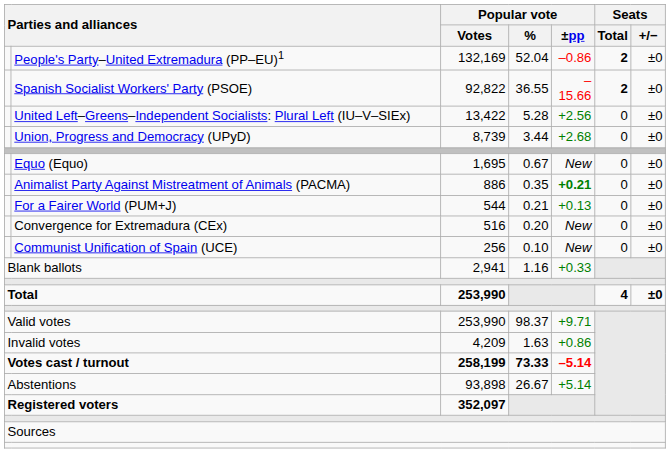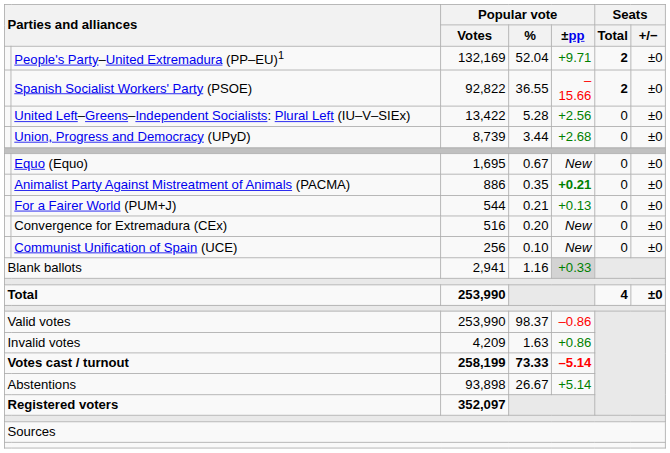 <table class="wikitable" style="text-align:right;">
 <tr>
 <th style="text-align:left;" rowspan="2" colspan="2" width="525">Parties and alliances</th>
 <th colspan="3">Popular vote</th>
 <th colspan="2">Seats</th>
 </tr>
 <tr>
 <th width="75">Votes</th>
 <th width="45">%</th>
 <th width="45">±<a href='#'>pp</a></th>
 <th width="35">Total</th>
 <th width="35">+/−</th>
 </tr>
 <tr>
 <td width="1" style="color:inherit;background:"></td>
 <td align="left"><a href='#'>People's Party</a>–<a href='#'>United Extremadura</a> (PP–EU)<sup>1</sup></td>
 <td>132,169</td>
 <td>52.04</td>
-<td style="color:red;">–0.86</td>
+<td style="color:green;">+9.71</td>
 <td><strong>2</strong></td>
 <td>±0</td>
 </tr>
 <tr>
 <td style="color:inherit;background:"></td>
 <td align="left"><a href='#'>Spanish Socialist Workers' Party</a> (PSOE)</td>
 <td>92,822</td>
 <td>36.55</td>
 <td style="color:red;">–15.66</td>
 <td><strong>2</strong></td>
 <td>±0</td>
 </tr>
 <tr>
 <td style="color:inherit;background:"></td>
 <td align="left"><a href='#'>United Left</a>–<a href='#'>Greens</a>–<a href='#'>Independent Socialists</a>: <a href='#'>Plural Left</a> (IU–V–SIEx)</td>
 <td>13,422</td>
 <td>5.28</td>
 <td style="color:green;">+2.56</td>
 <td>0</td>
 <td>±0</td>
 </tr>
 <tr>
 <td style="color:inherit;background:"></td>
 <td align="left"><a href='#'>Union, Progress and Democracy</a> (UPyD)</td>
 <td>8,739</td>
 <td>3.44</td>
 <td style="color:green;">+2.68</td>
 <td>0</td>
 <td>±0</td>
 </tr>
 <tr>
 <td colspan="7" bgcolor="#C0C0C0"></td>
 </tr>
 <tr>
 <td style="color:inherit;background:"></td>
 <td align="left"><a href='#'>Equo</a> (Equo)</td>
 <td>1,695</td>
 <td>0.67</td>
 <td><em>New</em></td>
 <td>0</td>
 <td>±0</td>
 </tr>
 <tr>
 <td style="color:inherit;background:"></td>
 <td align="left"><a href='#'>Animalist Party Against Mistreatment of Animals</a> (PACMA)</td>
 <td>886</td>
 <td>0.35</td>
 <td style="color:green;"><strong>+0.21</strong></td>
 <td>0</td>
 <td>±0</td>
 </tr>
 <tr>
 <td style="color:inherit;background:"></td>
 <td align="left"><a href='#'>For a Fairer World</a> (PUM+J)</td>
 <td>544</td>
 <td>0.21</td>
 <td style="color:green;">+0.13</td>
 <td>0</td>
 <td>±0</td>
 </tr>
 <tr>
 <td style="color:inherit;background:"></td>
 <td align="left">Convergence for Extremadura (CEx)</td>
 <td>516</td>
 <td>0.20</td>
 <td><em>New</em></td>
 <td>0</td>
 <td>±0</td>
 </tr>
 <tr>
 <td style="color:inherit;background:"></td>
 <td align="left"><a href='#'>Communist Unification of Spain</a> (UCE)</td>
 <td>256</td>
 <td>0.10</td>
 <td><em>New</em></td>
 <td>0</td>
 <td>±0</td>
 </tr>
 <tr>
 <td align="left" colspan="2">Blank ballots</td>
 <td>2,941</td>
 <td>1.16</td>
-<td style="color:green;">+0.33</td>
+<td style="background: lightgrey; color:green;">+0.33</td>
 <td bgcolor="#E9E9E9" colspan="2"></td>
 </tr>
 <tr>
 <td colspan="7" bgcolor="#E9E9E9"></td>
 </tr>
 <tr style="font-weight:bold;">
 <td align="left" colspan="2">Total</td>
 <td>253,990</td>
 <td bgcolor="#E9E9E9" colspan="2"></td>
 <td>4</td>
 <td>±0</td>
 </tr>
 <tr>
 <td colspan="7" bgcolor="#E9E9E9"></td>
 </tr>
 <tr>
 <td align="left" colspan="2">Valid votes</td>
 <td>253,990</td>
 <td>98.37</td>
-<td style="color:green;">+9.71</td>
+<td style="color:red;">–0.86</td>
 <td bgcolor="#E9E9E9" colspan="2" rowspan="5"></td>
 </tr>
 <tr>
 <td align="left" colspan="2">Invalid votes</td>
 <td>4,209</td>
 <td>1.63</td>
 <td style="color:green;">+0.86</td>
 </tr>
 <tr style="font-weight:bold;">
 <td align="left" colspan="2">Votes cast / turnout</td>
 <td>258,199</td>
 <td>73.33</td>
 <td style="color:red;">–5.14</td>
 </tr>
 <tr>
 <td align="left" colspan="2">Abstentions</td>
 <td>93,898</td>
 <td>26.67</td>
 <td style="color:green;">+5.14</td>
 </tr>
 <tr style="font-weight:bold;">
 <td align="left" colspan="2">Registered voters</td>
 <td>352,097</td>
 <td bgcolor="#E9E9E9" colspan="2"></td>
 </tr>
 <tr>
 <td colspan="7" bgcolor="#E9E9E9"></td>
 </tr>
 <tr>
 <td align="left" colspan="7">Sources</td>
 </tr>
 <tr>
 <td colspan="7" style="text-align:left; max-width:790px;"></td>
 </tr>
 </table>
